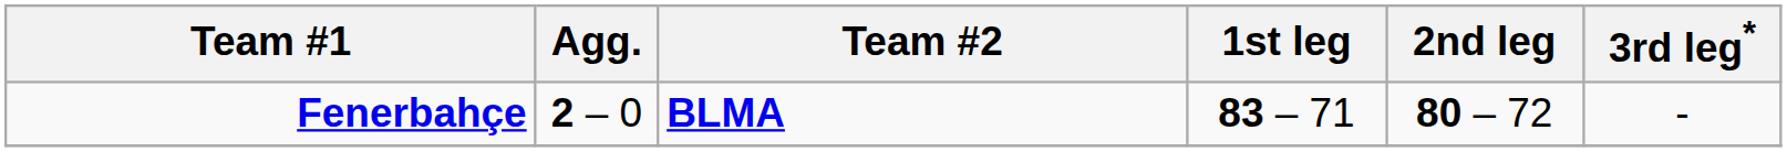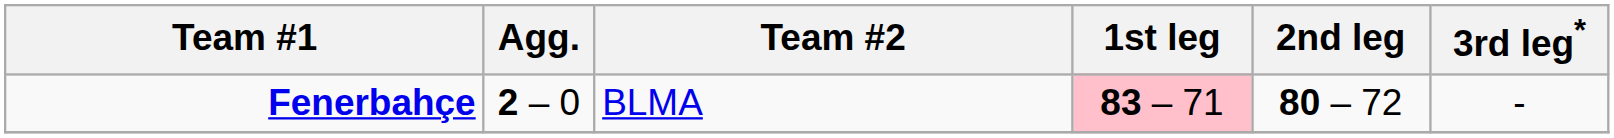 <table class=wikitable style="text-align:center">
 <tr>
 <th width=200>Team #1</th>
 <th width=40>Agg.</th>
 <th width=200>Team #2</th>
 <th width=70>1st leg</th>
 <th width=70>2nd leg</th>
 <th width=70>3rd leg<sup>*</sup></th>
 </tr>
 <tr>
 <td align=right><strong><a href='#'>Fenerbahçe</a></strong> </td>
 <td><strong>2</strong> – 0</td>
-<td align=left><strong> <a href='#'>BLMA</a></strong></td>
-<td><strong>83</strong> – 71</td>
+<td align=left> <a href='#'>BLMA</a></td>
+<td style="background: pink;"><strong>83</strong> – 71</td>
 <td><strong>80</strong> – 72</td>
 <td>-</td>
 </tr>
 <tr>
 </tr>
 </table>
